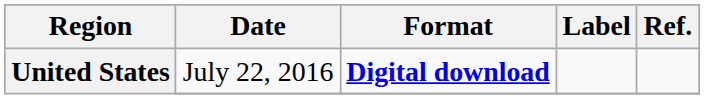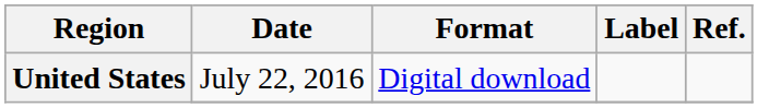 <table class="wikitable plainrowheaders">
 <tr>
 <th>Region</th>
 <th>Date</th>
 <th>Format</th>
 <th>Label</th>
 <th>Ref.</th>
 </tr>
 <tr>
 <th scope="row" rowspan="2">United States</th>
 <td rowspan="1">July 22, 2016</td>
-<td rowspan="1"><strong><a href='#'>Digital download</a></strong></td>
+<td rowspan="1"><a href='#'>Digital download</a></td>
 <td></td>
 <td><br></td>
 </tr>
 <tr>
 </tr>
 </table>
